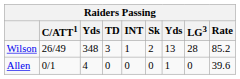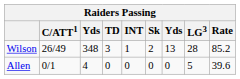 <table class="wikitable">
 <tr>
 <th colspan="9">Raiders Passing</th>
 </tr>
 <tr>
 <th></th>
 <th>C/ATT<sup>1</sup></th>
 <th>Yds</th>
 <th>TD</th>
 <th>INT</th>
 <th>Sk</th>
 <th>Yds</th>
 <th>LG<sup>3</sup></th>
 <th>Rate</th>
 </tr>
 <tr>
 <td><a href='#'>Wilson</a></td>
 <td>26/49</td>
 <td>348</td>
 <td>3</td>
 <td>1</td>
 <td>2</td>
 <td>13</td>
 <td>28</td>
 <td>85.2</td>
 </tr>
 <tr>
 <td><a href='#'>Allen</a></td>
 <td>0/1</td>
 <td>4</td>
 <td>0</td>
 <td>0</td>
 <td>0</td>
-<td>1</td>
 <td>0</td>
+<td>5</td>
 <td>39.6</td>
 </tr>
 </table>
